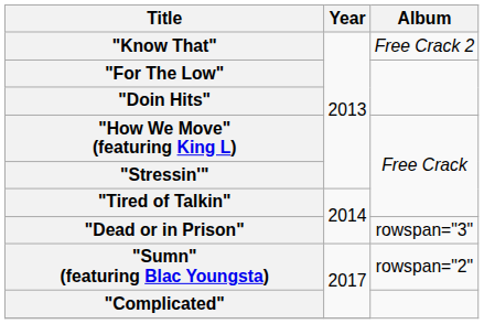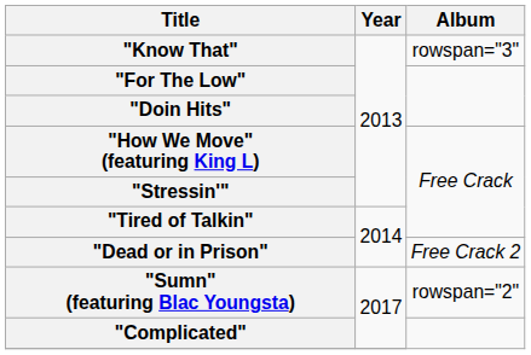 <table class="wikitable plainrowheaders" style="text-align:center;">
 <tr>
 <th scope="col" style="width:18em;">Title</th>
 <th scope="col">Year</th>
 <th scope="col">Album</th>
 </tr>
 <tr>
 <th scope="row">"Know That"</th>
 <td rowspan="5">2013</td>
-<td rowspan="1"><em>Free Crack 2</em></td>
+<td>rowspan="3" </td>
 </tr>
 <tr>
 <th scope="row">"For The Low"</th>
 </tr>
 <tr>
 <th scope="row">"Doin Hits"</th>
 </tr>
 <tr>
 <th scope="row">"How We Move"<br><span>(featuring <a href='#'>King L</a>)</span></th>
 <td rowspan="3"><em>Free Crack</em></td>
 </tr>
 <tr>
 <th scope="row">"Stressin'"</th>
 </tr>
 <tr>
 <th scope="row">"Tired of Talkin"</th>
 <td rowspan="2">2014</td>
 </tr>
 <tr>
 <th scope="row">"Dead or in Prison"</th>
-<td>rowspan="3" </td>
+<td rowspan="1"><em>Free Crack 2</em></td>
 </tr>
 <tr>
 <th scope="row">"Sumn"<br><span>(featuring <a href='#'>Blac Youngsta</a>)</span></th>
 <td rowspan="2">2017</td>
 <td>rowspan="2" </td>
 </tr>
 <tr>
 <th scope="row">"Complicated"<br></th>
 </tr>
 <tr>
 </tr>
 </table>
